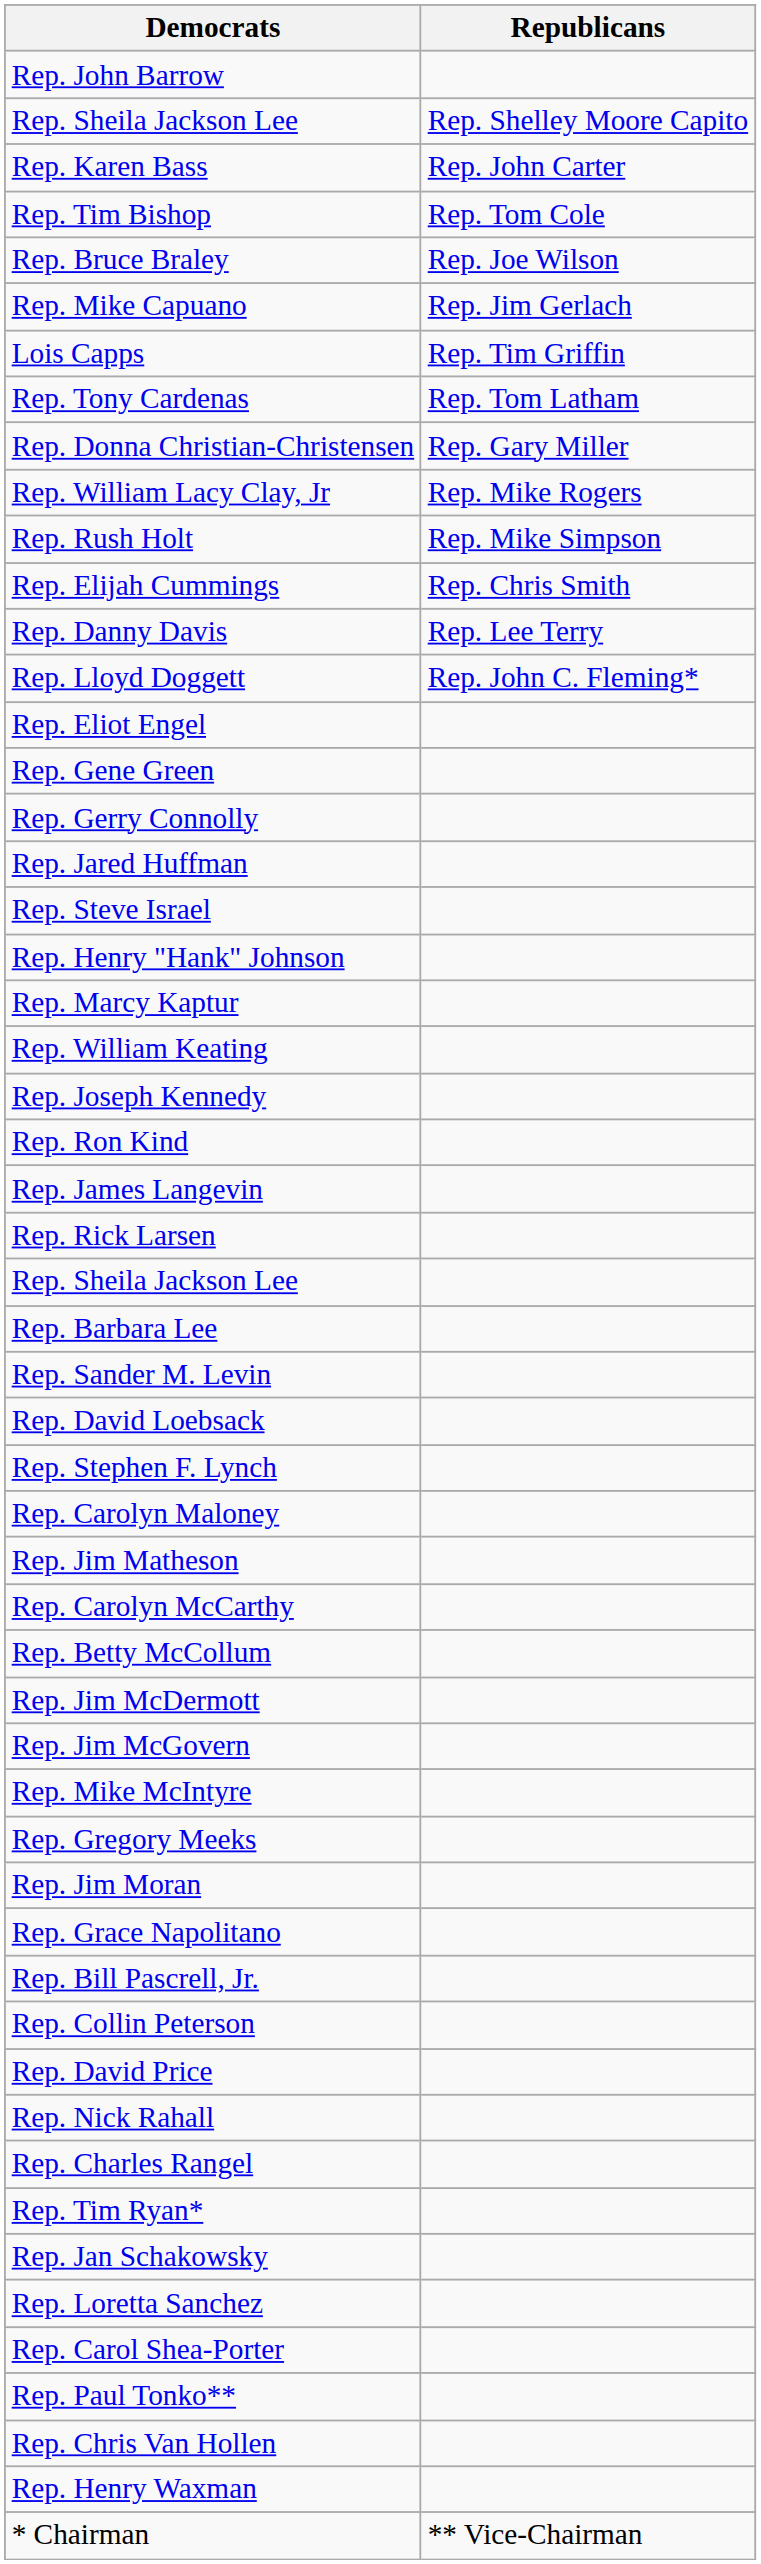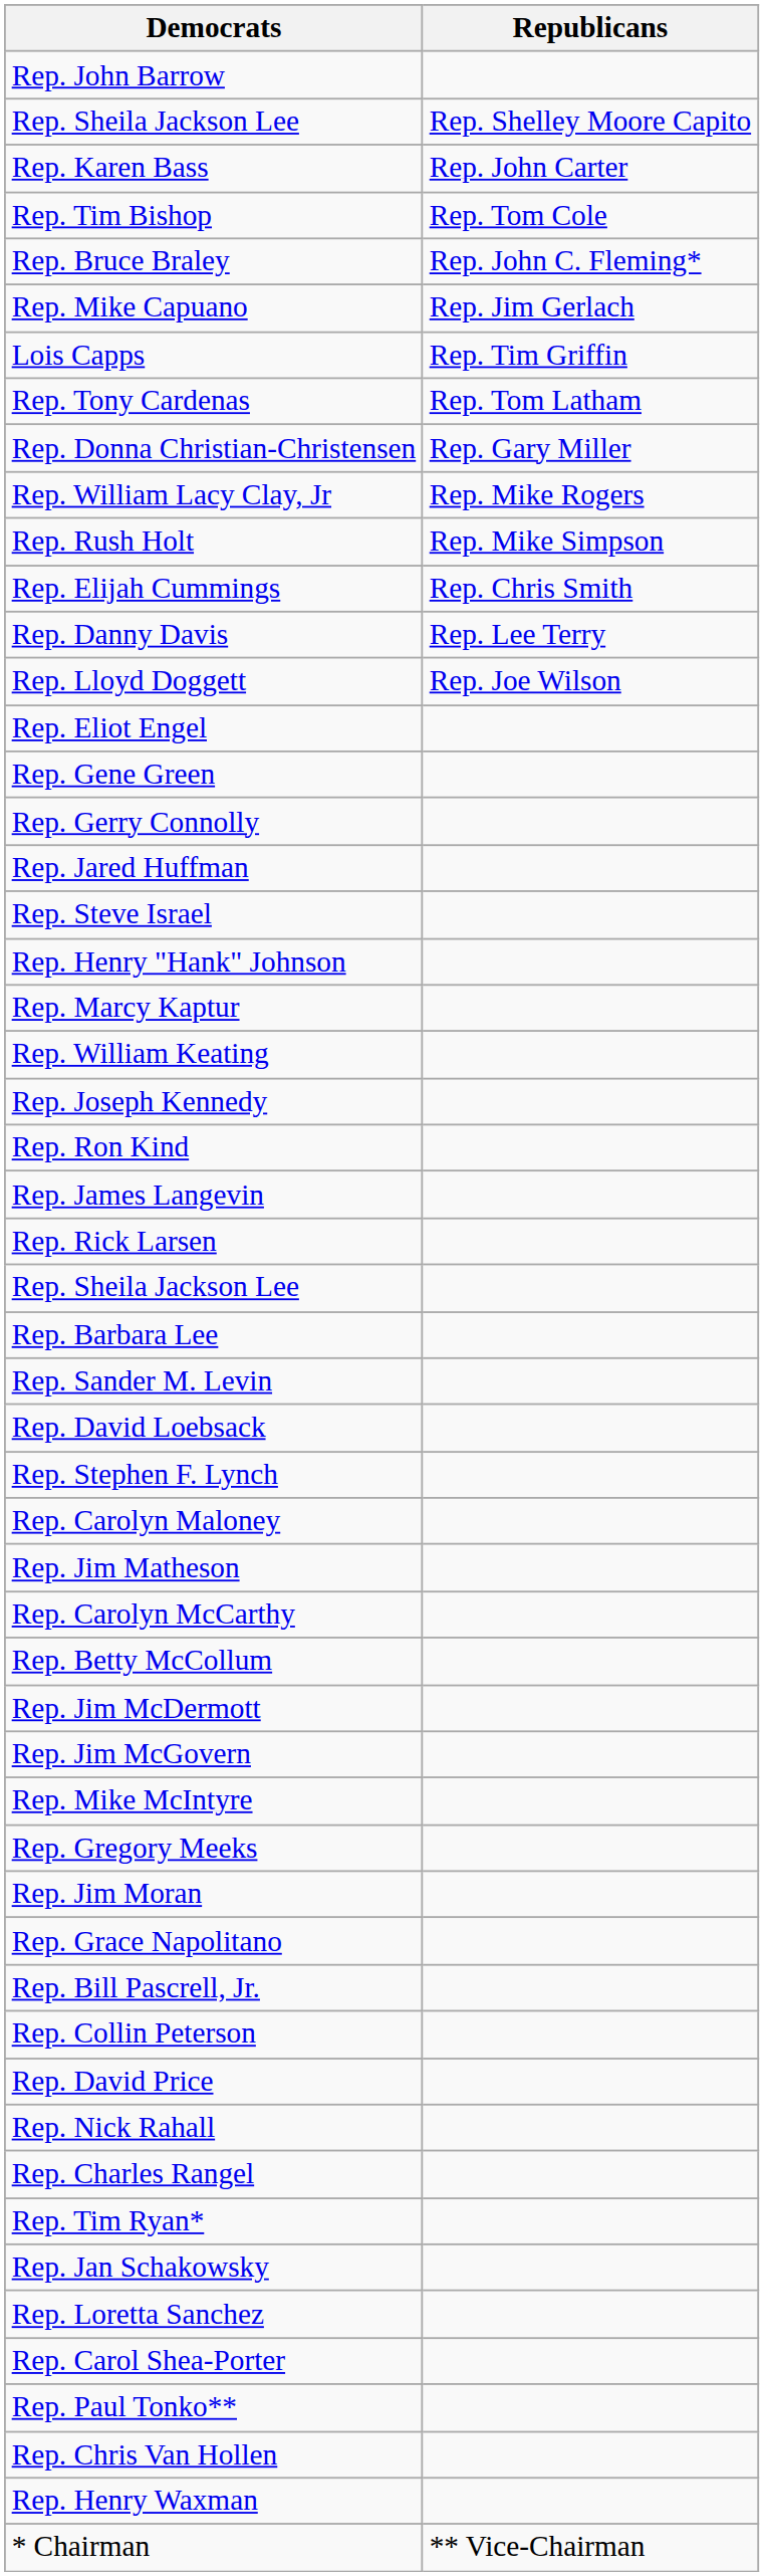 <table class="wikitable">
 <tr>
 <th>Democrats</th>
 <th>Republicans</th>
 </tr>
 <tr>
 <td><a href='#'>Rep. John Barrow</a></td>
 <td></td>
 </tr>
 <tr>
 <td><a href='#'>Rep. Sheila Jackson Lee</a></td>
 <td><a href='#'>Rep. Shelley Moore Capito</a></td>
 </tr>
 <tr>
 <td><a href='#'>Rep. Karen Bass</a></td>
 <td><a href='#'>Rep. John Carter</a></td>
 </tr>
 <tr>
 <td><a href='#'>Rep. Tim Bishop</a></td>
 <td><a href='#'>Rep. Tom Cole</a></td>
 </tr>
 <tr>
 <td><a href='#'>Rep. Bruce Braley</a></td>
-<td><a href='#'>Rep. Joe Wilson</a></td>
+<td><a href='#'>Rep. John C. Fleming*</a></td>
 </tr>
 <tr>
 <td><a href='#'>Rep. Mike Capuano</a></td>
 <td><a href='#'>Rep. Jim Gerlach</a></td>
 </tr>
 <tr>
 <td><a href='#'>Lois Capps</a></td>
 <td><a href='#'>Rep. Tim Griffin</a></td>
 </tr>
 <tr>
 <td><a href='#'>Rep. Tony Cardenas</a></td>
 <td><a href='#'>Rep. Tom Latham</a></td>
 </tr>
 <tr>
 <td><a href='#'>Rep. Donna Christian-Christensen</a></td>
 <td><a href='#'>Rep. Gary Miller</a></td>
 </tr>
 <tr>
 <td><a href='#'>Rep. William Lacy Clay, Jr</a></td>
 <td><a href='#'>Rep. Mike Rogers</a></td>
 </tr>
 <tr>
 <td><a href='#'>Rep. Rush Holt</a></td>
 <td><a href='#'>Rep. Mike Simpson</a></td>
 </tr>
 <tr>
 <td><a href='#'>Rep. Elijah Cummings</a></td>
 <td><a href='#'>Rep. Chris Smith</a></td>
 </tr>
 <tr>
 <td><a href='#'>Rep. Danny Davis</a></td>
 <td><a href='#'>Rep. Lee Terry</a></td>
 </tr>
 <tr>
 <td><a href='#'>Rep. Lloyd Doggett</a></td>
-<td><a href='#'>Rep. John C. Fleming*</a></td>
+<td><a href='#'>Rep. Joe Wilson</a></td>
 </tr>
 <tr>
 <td><a href='#'>Rep. Eliot Engel</a></td>
 <td></td>
 </tr>
 <tr>
 <td><a href='#'>Rep. Gene Green</a></td>
 <td></td>
 </tr>
 <tr>
 <td><a href='#'>Rep. Gerry Connolly</a></td>
 <td></td>
 </tr>
 <tr>
 <td><a href='#'>Rep. Jared Huffman</a></td>
 <td></td>
 </tr>
 <tr>
 <td><a href='#'>Rep. Steve Israel</a></td>
 <td></td>
 </tr>
 <tr>
 <td><a href='#'>Rep. Henry "Hank" Johnson</a></td>
 <td></td>
 </tr>
 <tr>
 <td><a href='#'>Rep. Marcy Kaptur</a></td>
 <td></td>
 </tr>
 <tr>
 <td><a href='#'>Rep. William Keating</a></td>
 <td></td>
 </tr>
 <tr>
 <td><a href='#'>Rep. Joseph Kennedy</a></td>
 <td></td>
 </tr>
 <tr>
 <td><a href='#'>Rep. Ron Kind</a></td>
 <td></td>
 </tr>
 <tr>
 <td><a href='#'>Rep. James Langevin</a></td>
 <td></td>
 </tr>
 <tr>
 <td><a href='#'>Rep. Rick Larsen</a></td>
 <td></td>
 </tr>
 <tr>
 <td><a href='#'>Rep. Sheila Jackson Lee</a></td>
 <td></td>
 </tr>
 <tr>
 <td><a href='#'>Rep. Barbara Lee</a></td>
 <td></td>
 </tr>
 <tr>
 <td><a href='#'>Rep. Sander M. Levin</a></td>
 <td></td>
 </tr>
 <tr>
 <td><a href='#'>Rep. David Loebsack</a></td>
 <td></td>
 </tr>
 <tr>
 <td><a href='#'>Rep. Stephen F. Lynch</a></td>
 <td></td>
 </tr>
 <tr>
 <td><a href='#'>Rep. Carolyn Maloney</a></td>
 <td></td>
 </tr>
 <tr>
 <td><a href='#'>Rep. Jim Matheson</a></td>
 <td></td>
 </tr>
 <tr>
 <td><a href='#'>Rep. Carolyn McCarthy</a></td>
 <td></td>
 </tr>
 <tr>
 <td><a href='#'>Rep. Betty McCollum</a></td>
 <td></td>
 </tr>
 <tr>
 <td><a href='#'>Rep. Jim McDermott</a></td>
 <td></td>
 </tr>
 <tr>
 <td><a href='#'>Rep. Jim McGovern</a></td>
 <td></td>
 </tr>
 <tr>
 <td><a href='#'>Rep. Mike McIntyre</a></td>
 <td></td>
 </tr>
 <tr>
 <td><a href='#'>Rep. Gregory Meeks</a></td>
 <td></td>
 </tr>
 <tr>
 <td><a href='#'>Rep. Jim Moran</a></td>
 <td></td>
 </tr>
 <tr>
 <td><a href='#'>Rep. Grace Napolitano</a></td>
 <td></td>
 </tr>
 <tr>
 <td><a href='#'>Rep. Bill Pascrell, Jr.</a></td>
 <td></td>
 </tr>
 <tr>
 <td><a href='#'>Rep. Collin Peterson</a></td>
 <td></td>
 </tr>
 <tr>
 <td><a href='#'>Rep. David Price</a></td>
 <td></td>
 </tr>
 <tr>
 <td><a href='#'>Rep. Nick Rahall</a></td>
 <td></td>
 </tr>
 <tr>
 <td><a href='#'>Rep. Charles Rangel</a></td>
 <td></td>
 </tr>
 <tr>
 <td><a href='#'>Rep. Tim Ryan*</a></td>
 <td></td>
 </tr>
 <tr>
 <td><a href='#'>Rep. Jan Schakowsky</a></td>
 <td></td>
 </tr>
 <tr>
 <td><a href='#'>Rep. Loretta Sanchez</a></td>
 <td></td>
 </tr>
 <tr>
 <td><a href='#'>Rep. Carol Shea-Porter</a></td>
 <td></td>
 </tr>
 <tr>
 <td><a href='#'>Rep. Paul Tonko**</a></td>
 <td></td>
 </tr>
 <tr>
 <td><a href='#'>Rep. Chris Van Hollen</a></td>
 <td></td>
 </tr>
 <tr>
 <td><a href='#'>Rep. Henry Waxman</a></td>
 <td></td>
 </tr>
 <tr>
 <td>* Chairman</td>
 <td>** Vice-Chairman</td>
 </tr>
 </table>
